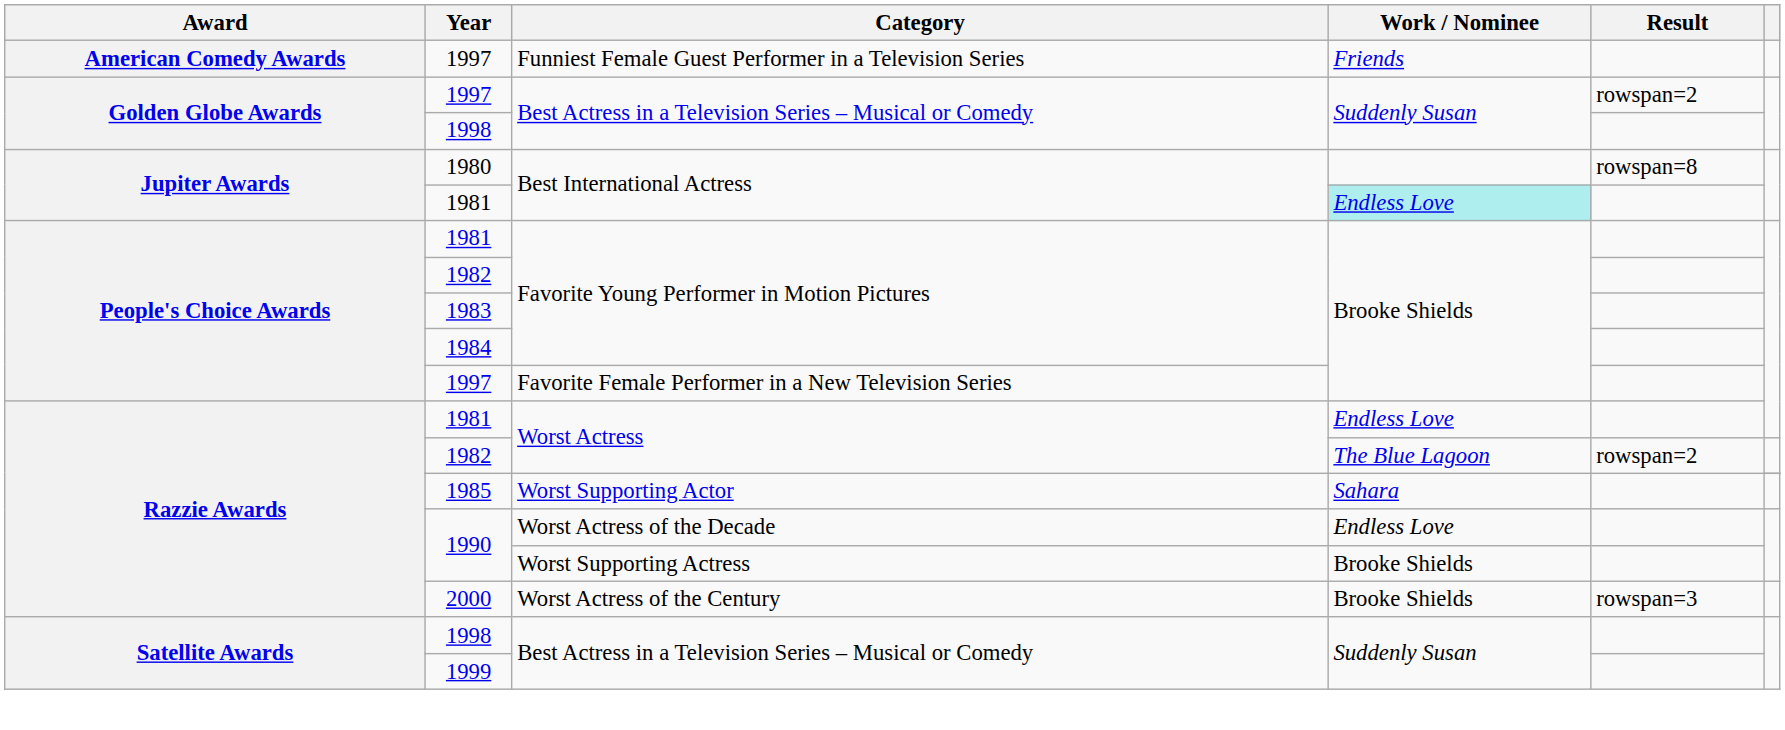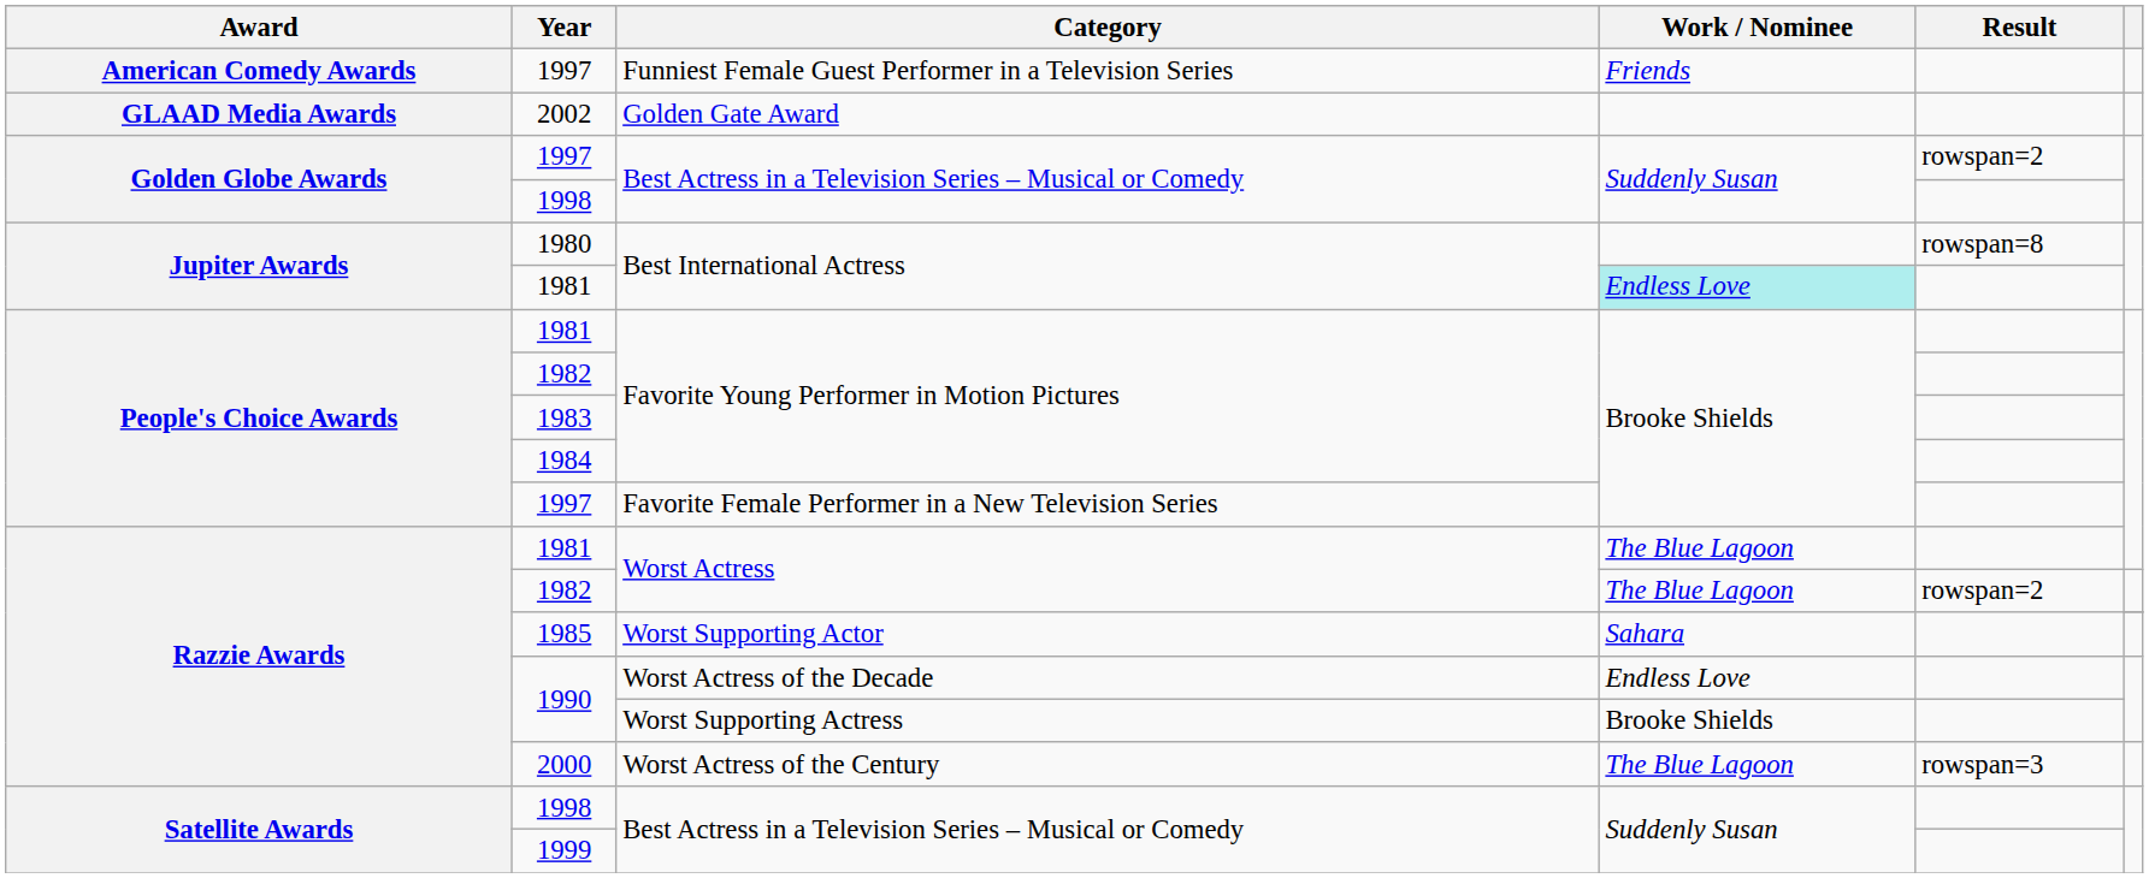 <table class="wikitable sortable plainrowheaders" style="width: 99%;">
 <tr style="background:#ccc; text-align:center;">
 <th scope="col">Award</th>
 <th scope="col">Year</th>
 <th scope="col">Category</th>
 <th scope="col">Work / Nominee</th>
 <th scope="col">Result</th>
 <th scope="col" class="unsortable"></th>
 </tr>
 <tr>
 <th scope="row"><a href='#'>American Comedy Awards</a></th>
 <td style="text-align:center;">1997</td>
 <td>Funniest Female Guest Performer in a Television Series</td>
 <td><em><a href='#'>Friends</a></em></td>
+<td></td>
+<td style="text-align:center;"></td>
+</tr>
+<tr>
+<th scope="row"><a href='#'>GLAAD Media Awards</a></th>
+<td style="text-align:center;">2002</td>
+<td><a href='#'>Golden Gate Award</a></td>
+<td></td>
 <td></td>
 <td style="text-align:center;"></td>
 </tr>
 <tr>
 <th scope="row" rowspan=2><a href='#'>Golden Globe Awards</a></th>
 <td style="text-align:center;"><a href='#'>1997</a></td>
 <td rowspan=2><a href='#'>Best Actress in a Television Series – Musical or Comedy</a></td>
 <td rowspan=2><em><a href='#'>Suddenly Susan</a></em></td>
 <td>rowspan=2 </td>
 <td style="text-align:center;" rowspan=2></td>
 </tr>
 <tr>
 <td style="text-align:center;"><a href='#'>1998</a></td>
 </tr>
 <tr>
 <th scope="row" rowspan=2><a href='#'>Jupiter Awards</a></th>
 <td style="text-align:center;">1980</td>
 <td rowspan=2>Best International Actress</td>
 <td></td>
 <td>rowspan=8  </td>
 <td style="text-align:center;" rowspan=2></td>
 </tr>
 <tr>
 <td style="text-align:center;">1981</td>
 <td style="background: paleturquoise;"><em><a href='#'>Endless Love</a></em></td>
 </tr>
 <tr>
 <th scope="row" rowspan=5><a href='#'>People's Choice Awards</a></th>
 <td style="text-align:center;"><a href='#'>1981</a></td>
 <td rowspan=4>Favorite Young Performer in Motion Pictures</td>
 <td rowspan=5>Brooke Shields</td>
 <td style="text-align:center;"></td>
 </tr>
 <tr>
 <td style="text-align:center;"><a href='#'>1982</a></td>
 <td style="text-align:center;"></td>
 </tr>
 <tr>
 <td style="text-align:center;"><a href='#'>1983</a></td>
 <td style="text-align:center;"></td>
 </tr>
 <tr>
 <td style="text-align:center;"><a href='#'>1984</a></td>
 <td style="text-align:center;"></td>
 </tr>
 <tr>
 <td style="text-align:center;"><a href='#'>1997</a></td>
 <td>Favorite Female Performer in a New Television Series</td>
 <td style="text-align:center;"></td>
 </tr>
 <tr>
 <th scope="row" rowspan=7><a href='#'>Razzie Awards</a></th>
 <td style="text-align:center;"><a href='#'>1981</a></td>
 <td rowspan=3><a href='#'>Worst Actress</a></td>
-<td><em><a href='#'>Endless Love</a></em></td>
+<td><em><a href='#'>The Blue Lagoon</a></em></td>
 <td style="text-align:center;"></td>
 </tr>
 <tr>
 <td style="text-align:center;"><a href='#'>1982</a></td>
 <td><em><a href='#'>The Blue Lagoon</a></em></td>
 <td>rowspan=2  </td>
 <td style="text-align:center;"></td>
 </tr>
 <tr>
 <td style="text-align:center;" rowspan=2><a href='#'>1985</a></td>
 <td rowspan=2><em><a href='#'>Sahara</a></em></td>
 <td style="text-align:center;" rowspan=2></td>
 </tr>
 <tr>
 <td><a href='#'>Worst Supporting Actor</a></td>
 <td></td>
 </tr>
 <tr>
 <td style="text-align:center;" rowspan=2><a href='#'>1990</a></td>
 <td>Worst Actress of the Decade</td>
 <td><em>Endless Love</em></td>
 <td></td>
 <td style="text-align:center;" rowspan=2></td>
 </tr>
 <tr>
 <td>Worst Supporting Actress</td>
 <td>Brooke Shields</td>
 <td></td>
 </tr>
 <tr>
 <td style="text-align:center;"><a href='#'>2000</a></td>
 <td>Worst Actress of the Century</td>
-<td>Brooke Shields</td>
+<td><em><a href='#'>The Blue Lagoon</a></em></td>
 <td>rowspan=3  </td>
 <td style="text-align:center;"></td>
 </tr>
 <tr>
 <th scope="row" rowspan=2><a href='#'>Satellite Awards</a></th>
 <td style="text-align:center;"><a href='#'>1998</a></td>
 <td rowspan=2>Best Actress in a Television Series – Musical or Comedy</td>
 <td rowspan=2><em>Suddenly Susan</em></td>
 <td style="text-align:center;"></td>
 </tr>
 <tr>
 <td style="text-align:center;"><a href='#'>1999</a></td>
 <td style="text-align:center;"></td>
 </tr>
 </table>
